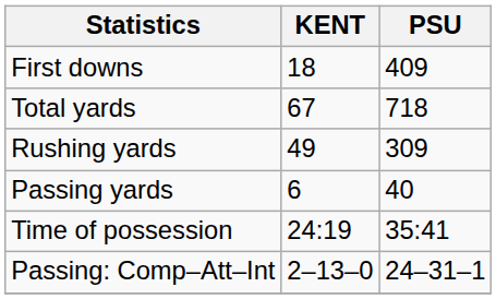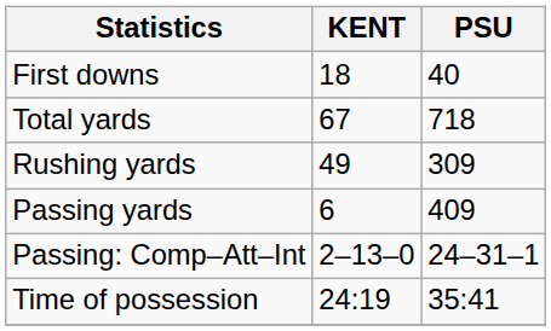 <table class="wikitable" style="float: left;">
 <tr>
 <th>Statistics</th>
 <th>KENT</th>
 <th>PSU</th>
 </tr>
 <tr>
 <td>First downs</td>
 <td>18</td>
-<td>409</td>
+<td>40</td>
 </tr>
 <tr>
 <td>Total yards</td>
 <td>67</td>
 <td>718</td>
 </tr>
 <tr>
 <td>Rushing yards</td>
 <td>49</td>
 <td>309</td>
 </tr>
 <tr>
 <td>Passing yards</td>
 <td>6</td>
-<td>40</td>
+<td>409</td>
+</tr>
+<tr>
+<td>Passing: Comp–Att–Int</td>
+<td>2–13–0</td>
+<td>24–31–1</td>
 </tr>
 <tr>
 <td>Time of possession</td>
 <td>24:19</td>
 <td>35:41</td>
 </tr>
 <tr>
-<td>Passing: Comp–Att–Int</td>
-<td>2–13–0</td>
-<td>24–31–1</td>
-</tr>
-<tr>
 </tr>
 </table>
